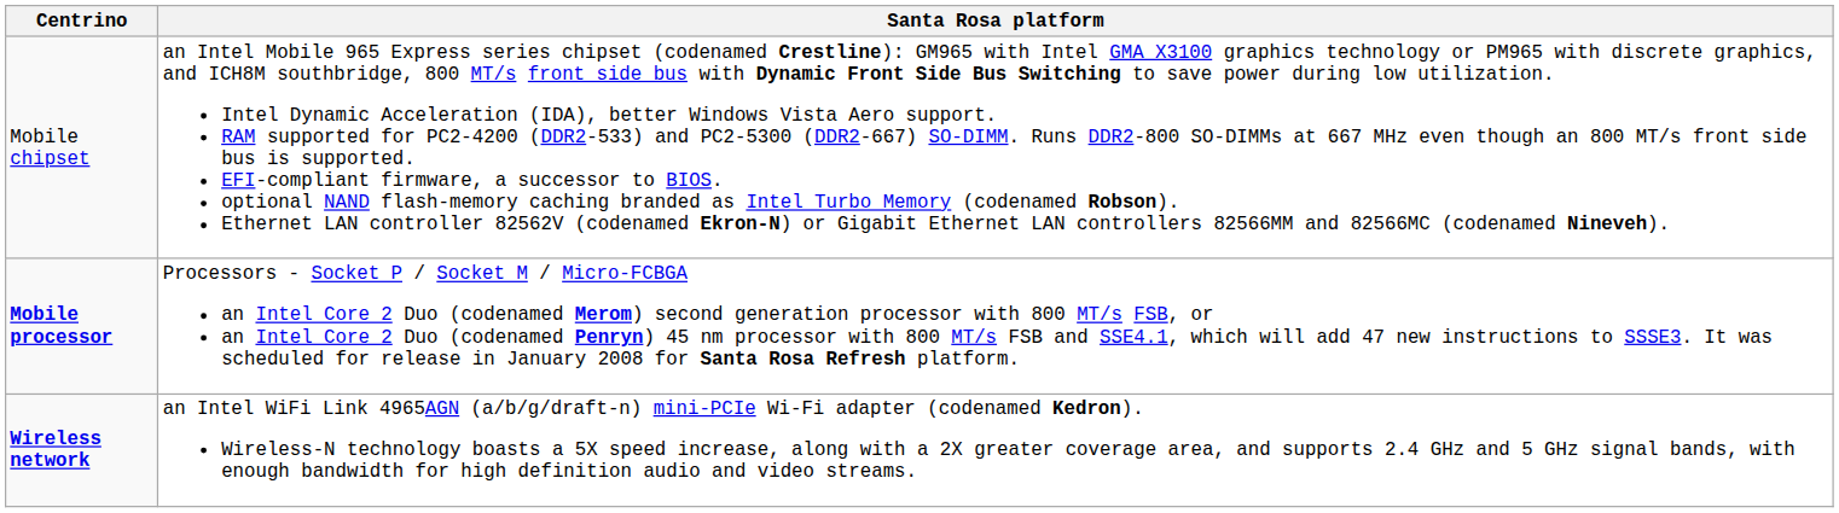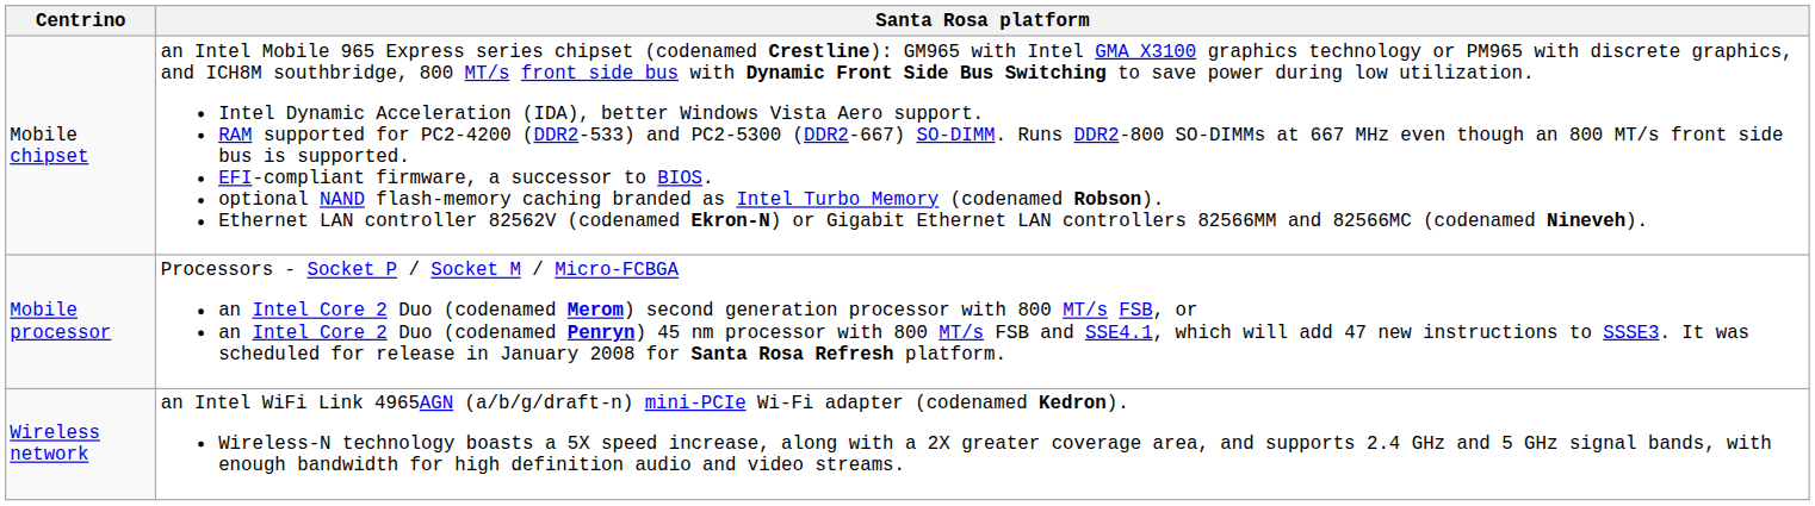 <table class="wikitable">
 <tr>
 <th>Centrino</th>
 <th>Santa Rosa platform</th>
 </tr>
 <tr>
 <td>Mobile <a href='#'>chipset</a></td>
 <td style="background:white">an Intel Mobile 965 Express series chipset (codenamed <strong>Crestline</strong>): GM965 with Intel <a href='#'>GMA X3100</a> graphics technology or PM965 with discrete graphics, and ICH8M southbridge, 800 <a href='#'>MT/s</a> <a href='#'>front side bus</a> with <strong>Dynamic Front Side Bus Switching</strong> to save power during low utilization.<br><ul><li>Intel Dynamic Acceleration (IDA), better Windows Vista Aero support.</li><li><a href='#'>RAM</a> supported for PC2-4200 (<a href='#'>DDR2</a>-533) and PC2-5300 (<a href='#'>DDR2</a>-667) <a href='#'>SO-DIMM</a>. Runs <a href='#'>DDR2</a>-800 SO-DIMMs at 667 MHz even though an 800 MT/s front side bus is supported.</li><li><a href='#'>EFI</a>-compliant firmware, a successor to <a href='#'>BIOS</a>.</li><li>optional <a href='#'>NAND</a> flash-memory caching branded as <a href='#'>Intel Turbo Memory</a> (codenamed <strong>Robson</strong>).</li><li>Ethernet LAN controller 82562V (codenamed <strong>Ekron-N</strong>) or Gigabit Ethernet LAN controllers 82566MM and 82566MC (codenamed <strong>Nineveh</strong>).</li></ul></td>
 </tr>
 <tr>
-<td><strong><a href='#'>Mobile processor</a></strong></td>
+<td><a href='#'>Mobile processor</a></td>
 <td style="background:white">Processors - <a href='#'>Socket P</a>  / <a href='#'>Socket M</a> / <a href='#'>Micro-FCBGA</a><br><ul><li>an <a href='#'>Intel Core 2</a> Duo (codenamed <strong><a href='#'>Merom</a></strong>) second generation processor with 800 <a href='#'>MT/s</a> <a href='#'>FSB</a>, or</li><li>an <a href='#'>Intel Core 2</a> Duo (codenamed <strong><a href='#'>Penryn</a></strong>) 45 nm processor with 800 <a href='#'>MT/s</a> FSB and <a href='#'>SSE4.1</a>, which will add 47 new instructions to <a href='#'>SSSE3</a>. It was scheduled for release in January 2008 for <strong>Santa Rosa Refresh</strong> platform.</li></ul></td>
 </tr>
 <tr>
-<td><strong><a href='#'>Wireless network</a></strong></td>
+<td><a href='#'>Wireless network</a></td>
 <td style="background:white">an Intel WiFi Link 4965<a href='#'>AGN</a> (a/b/g/draft-n) <a href='#'>mini-PCIe</a> Wi-Fi adapter (codenamed <strong>Kedron</strong>).<br><ul><li>Wireless-N technology boasts a 5X speed increase, along with a 2X greater coverage area, and supports 2.4 GHz and 5 GHz signal bands, with enough bandwidth for high definition audio and video streams.</li></ul></td>
 </tr>
 </table>
